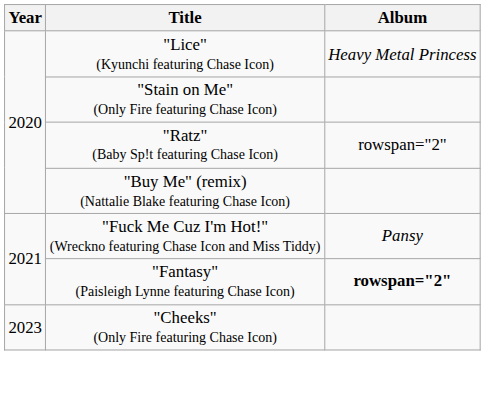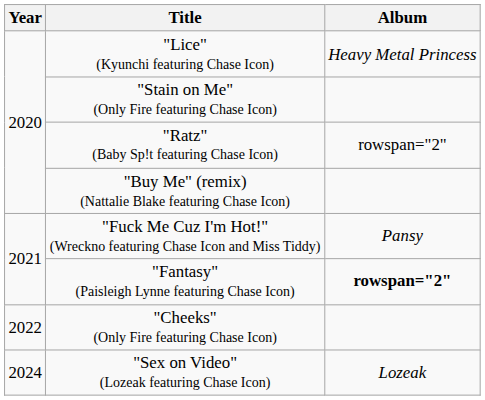 <table class="wikitable plainrowheaders" style="text-align:center;">
 <tr>
 <th>Year</th>
 <th>Title</th>
 <th>Album</th>
 </tr>
 <tr>
 <td rowspan="4">2020</td>
 <td>"Lice"<br><small>(Kyunchi featuring Chase Icon)</small></td>
 <td><em>Heavy Metal Princess</em></td>
 </tr>
 <tr>
 <td>"Stain on Me"<br><small>(Only Fire featuring Chase Icon)</small></td>
 </tr>
 <tr>
 <td>"Ratz"<br><small>(Baby Sp!t featuring Chase Icon)</small></td>
 <td>rowspan="2" </td>
 </tr>
 <tr>
 <td>"Buy Me" (remix)<br><small>(Nattalie Blake featuring Chase Icon)</small></td>
 <td></td>
 </tr>
 <tr>
 <td rowspan="2">2021</td>
 <td>"Fuck Me Cuz I'm Hot!"<br><small>(Wreckno featuring Chase Icon and Miss Tiddy)</small></td>
 <td><em>Pansy</em></td>
 </tr>
 <tr>
 <td>"Fantasy"<br><small>(Paisleigh Lynne featuring Chase Icon)</small></td>
 <td><strong>rowspan="2" </strong></td>
 </tr>
 <tr>
-<td>2023</td>
+<td>2022</td>
 <td>"Cheeks"<br><small>(Only Fire featuring Chase Icon)</small></td>
 </tr>
+<tr>
+<td>2024</td>
+<td>"Sex on Video"<br><small>(Lozeak featuring Chase Icon)</small></td>
+<td><em>Lozeak</em></td>
+</tr>
 </table>
